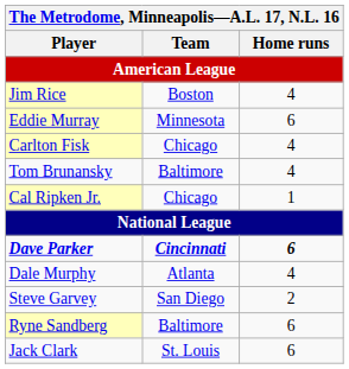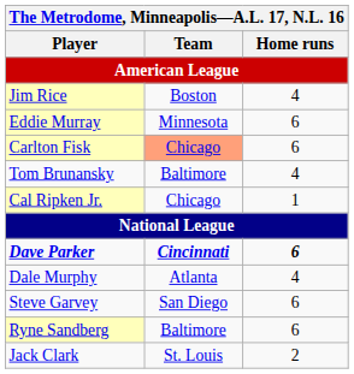 <table class="wikitable" style="text-align:right;">
 <tr>
 <th colspan="3"><a href='#'>The Metrodome</a>, Minneapolis—A.L. 17, N.L. 16</th>
 </tr>
 <tr>
 <th>Player</th>
 <th>Team</th>
 <th>Home runs</th>
 </tr>
 <tr>
 <th colspan="3" style="text-align:center; background:#CC0001; color:#FFFFFF;">American League</th>
 </tr>
 <tr>
 <td align="left" style="background:#ffb"><a href='#'>Jim Rice</a></td>
 <td style="text-align:center;"><a href='#'>Boston</a></td>
 <td style="text-align:center;">4</td>
 </tr>
 <tr>
 <td align="left" style="background:#ffb"><a href='#'>Eddie Murray</a></td>
 <td style="text-align:center;"><a href='#'>Minnesota</a></td>
 <td style="text-align:center;">6</td>
 </tr>
 <tr>
 <td align="left" style="background:#ffb"><a href='#'>Carlton Fisk</a></td>
-<td style="text-align:center;"><a href='#'>Chicago</a></td>
-<td style="text-align:center;">4</td>
+<td style="background: lightsalmon; text-align:center;"><a href='#'>Chicago</a></td>
+<td style="text-align:center;">6</td>
 </tr>
 <tr>
 <td align="left"><a href='#'>Tom Brunansky</a></td>
 <td style="text-align:center;"><a href='#'>Baltimore</a></td>
 <td style="text-align:center;">4</td>
 </tr>
 <tr>
 <td align="left" style="background:#ffb"><a href='#'>Cal Ripken Jr.</a></td>
 <td style="text-align:center;"><a href='#'>Chicago</a></td>
 <td style="text-align:center;">1</td>
 </tr>
 <tr>
 <th colspan="3" style="text-align:center; background:#020088; color:#FFFFFF;">National League</th>
 </tr>
 <tr>
 <td align="left"><strong><em><a href='#'>Dave Parker</a></em></strong></td>
 <td style="text-align:center;"><strong><em><a href='#'>Cincinnati</a></em></strong></td>
 <td style="text-align:center;"><strong><em>6</em></strong></td>
 </tr>
 <tr>
 <td align="left"><a href='#'>Dale Murphy</a></td>
 <td style="text-align:center;"><a href='#'>Atlanta</a></td>
 <td style="text-align:center;">4</td>
 </tr>
 <tr>
 <td align="left"><a href='#'>Steve Garvey</a></td>
 <td style="text-align:center;"><a href='#'>San Diego</a></td>
-<td style="text-align:center;">2</td>
+<td style="text-align:center;">6</td>
 </tr>
 <tr>
 <td align="left" style="background:#ffb"><a href='#'>Ryne Sandberg</a></td>
 <td style="text-align:center;"><a href='#'>Baltimore</a></td>
 <td style="text-align:center;">6</td>
 </tr>
 <tr>
 <td align="left"><a href='#'>Jack Clark</a></td>
 <td style="text-align:center;"><a href='#'>St. Louis</a></td>
-<td style="text-align:center;">6</td>
+<td style="text-align:center;">2</td>
 </tr>
 </table>
